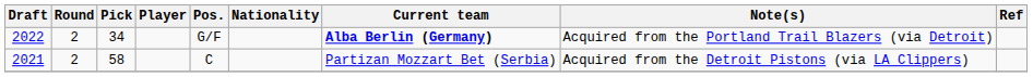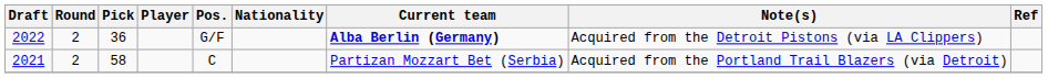 <table class="wikitable sortable" style="text-align:left; font-size:90%;">
 <tr>
 <th>Draft</th>
 <th>Round</th>
 <th>Pick</th>
 <th>Player</th>
 <th>Pos.</th>
 <th>Nationality</th>
 <th>Current team</th>
 <th>Note(s)</th>
 <th class="unsortable">Ref</th>
 </tr>
 <tr>
 <td style="text-align:center;"><a href='#'>2022</a></td>
 <td style="text-align:center;">2</td>
-<td style="text-align:center;">34</td>
+<td style="text-align:center;">36</td>
 <td></td>
 <td style="text-align:center;">G/F</td>
 <td></td>
 <td><strong><a href='#'>Alba Berlin</a> (<a href='#'>Germany</a>)</strong></td>
-<td>Acquired from the <a href='#'>Portland Trail Blazers</a> (via <a href='#'>Detroit</a>)</td>
+<td>Acquired from the <a href='#'>Detroit Pistons</a> (via <a href='#'>LA Clippers</a>)</td>
 <td style="text-align:center;"></td>
 </tr>
 <tr>
 <td style="text-align:center;"><a href='#'>2021</a></td>
 <td style="text-align:center;">2</td>
 <td style="text-align:center;">58</td>
 <td></td>
 <td style="text-align:center;">C</td>
 <td></td>
 <td><a href='#'>Partizan Mozzart Bet</a> (<a href='#'>Serbia</a>)</td>
-<td>Acquired from the <a href='#'>Detroit Pistons</a> (via <a href='#'>LA Clippers</a>)</td>
+<td>Acquired from the <a href='#'>Portland Trail Blazers</a> (via <a href='#'>Detroit</a>)</td>
 <td style="text-align:center;"></td>
 </tr>
 <tr>
 </tr>
 </table>
